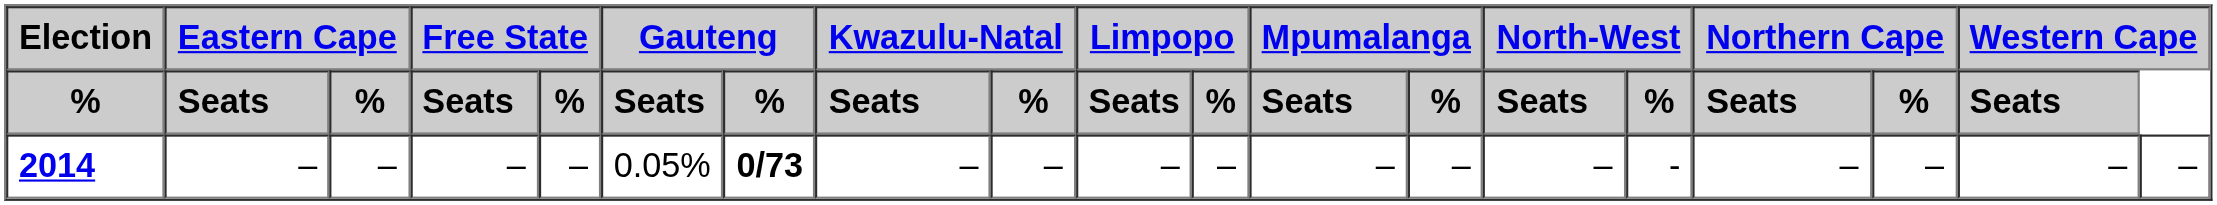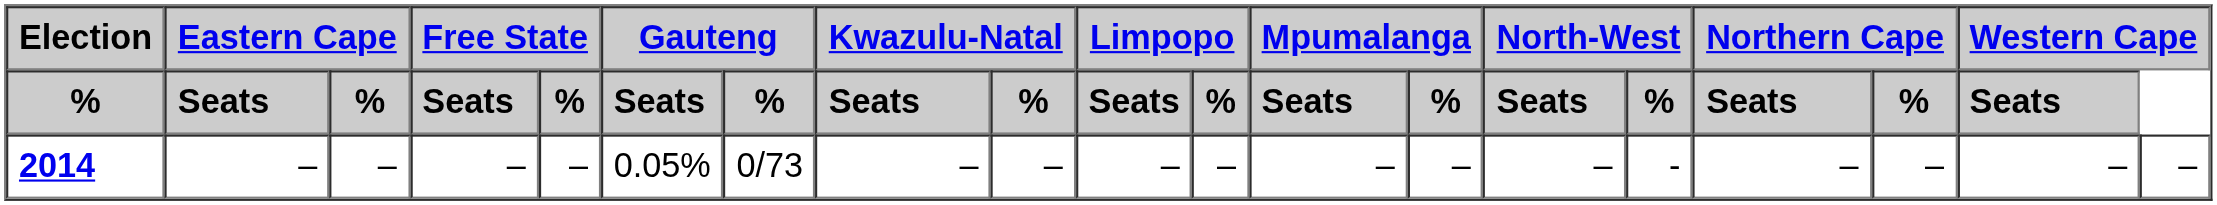 <table border="1" cellspacing="0" cellpadding="5">
 <tr ---- bgcolor="#cccccc">
 <th rowspan="2">Election</th>
 <th colspan="2"><a href='#'>Eastern Cape</a></th>
 <th colspan="2"><a href='#'>Free State</a></th>
 <th colspan="2"><a href='#'>Gauteng</a></th>
 <th colspan="2"><a href='#'>Kwazulu-Natal</a></th>
 <th colspan="2"><a href='#'>Limpopo</a></th>
 <th colspan="2"><a href='#'>Mpumalanga</a></th>
 <th colspan="2"><a href='#'>North-West</a></th>
 <th colspan="2"><a href='#'>Northern Cape</a></th>
 <th colspan="2"><a href='#'>Western Cape</a></th>
 </tr>
 <tr>
 </tr>
 <tr ---- bgcolor="#cccccc">
 <td align="center"><strong>%</strong></td>
 <td><strong>Seats</strong></td>
 <td align="center"><strong>%</strong></td>
 <td><strong>Seats</strong></td>
 <td align="center"><strong>%</strong></td>
 <td><strong>Seats</strong></td>
 <td align="center"><strong>%</strong></td>
 <td><strong>Seats</strong></td>
 <td align="center"><strong>%</strong></td>
 <td><strong>Seats</strong></td>
 <td align="center"><strong>%</strong></td>
 <td><strong>Seats</strong></td>
 <td align="center"><strong>%</strong></td>
 <td><strong>Seats</strong></td>
 <td align="center"><strong>%</strong></td>
 <td><strong>Seats</strong></td>
 <td align="center"><strong>%</strong></td>
 <td><strong>Seats</strong></td>
 </tr>
 <tr>
 <td><strong><a href='#'>2014</a></strong></td>
 <td align="right">–</td>
 <td align="right">–</td>
 <td align="right">–</td>
 <td align="right">–</td>
 <td align="right">0.05%</td>
-<td align="right"><strong>0/73</strong></td>
+<td align="right">0/73</td>
 <td align="right">–</td>
 <td align="right">–</td>
 <td align="right">–</td>
 <td align="right">–</td>
 <td align="right">–</td>
 <td align="right">–</td>
 <td align="right">–</td>
 <td align="right">-</td>
 <td align="right">–</td>
 <td align="right">–</td>
 <td align="right">–</td>
 <td align="right">–</td>
 </tr>
 <tr>
 </tr>
 </table>
